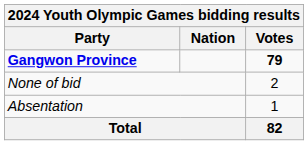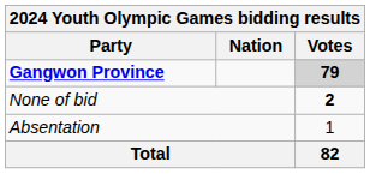 <table class="wikitable">
 <tr>
 <th colspan="7">2024 Youth Olympic Games bidding results</th>
 </tr>
 <tr>
 <th>Party</th>
 <th>Nation</th>
 <th>Votes</th>
 </tr>
 <tr>
 <td><strong><a href='#'>Gangwon Province</a></strong></td>
 <td><strong></strong></td>
-<td align=center><strong>79</strong></td>
+<td align=center style="background: lightgrey;"><strong>79</strong></td>
 </tr>
 <tr>
 <td colspan=2><em>None of bid</em></td>
-<td align=center>2</td>
+<td align=center><strong>2</strong></td>
 </tr>
 <tr>
 <td colspan=2><em>Absentation</em></td>
 <td align=center>1</td>
 </tr>
 <tr>
 <th colspan=2>Total</th>
 <th align=center>82</th>
 </tr>
 </table>
